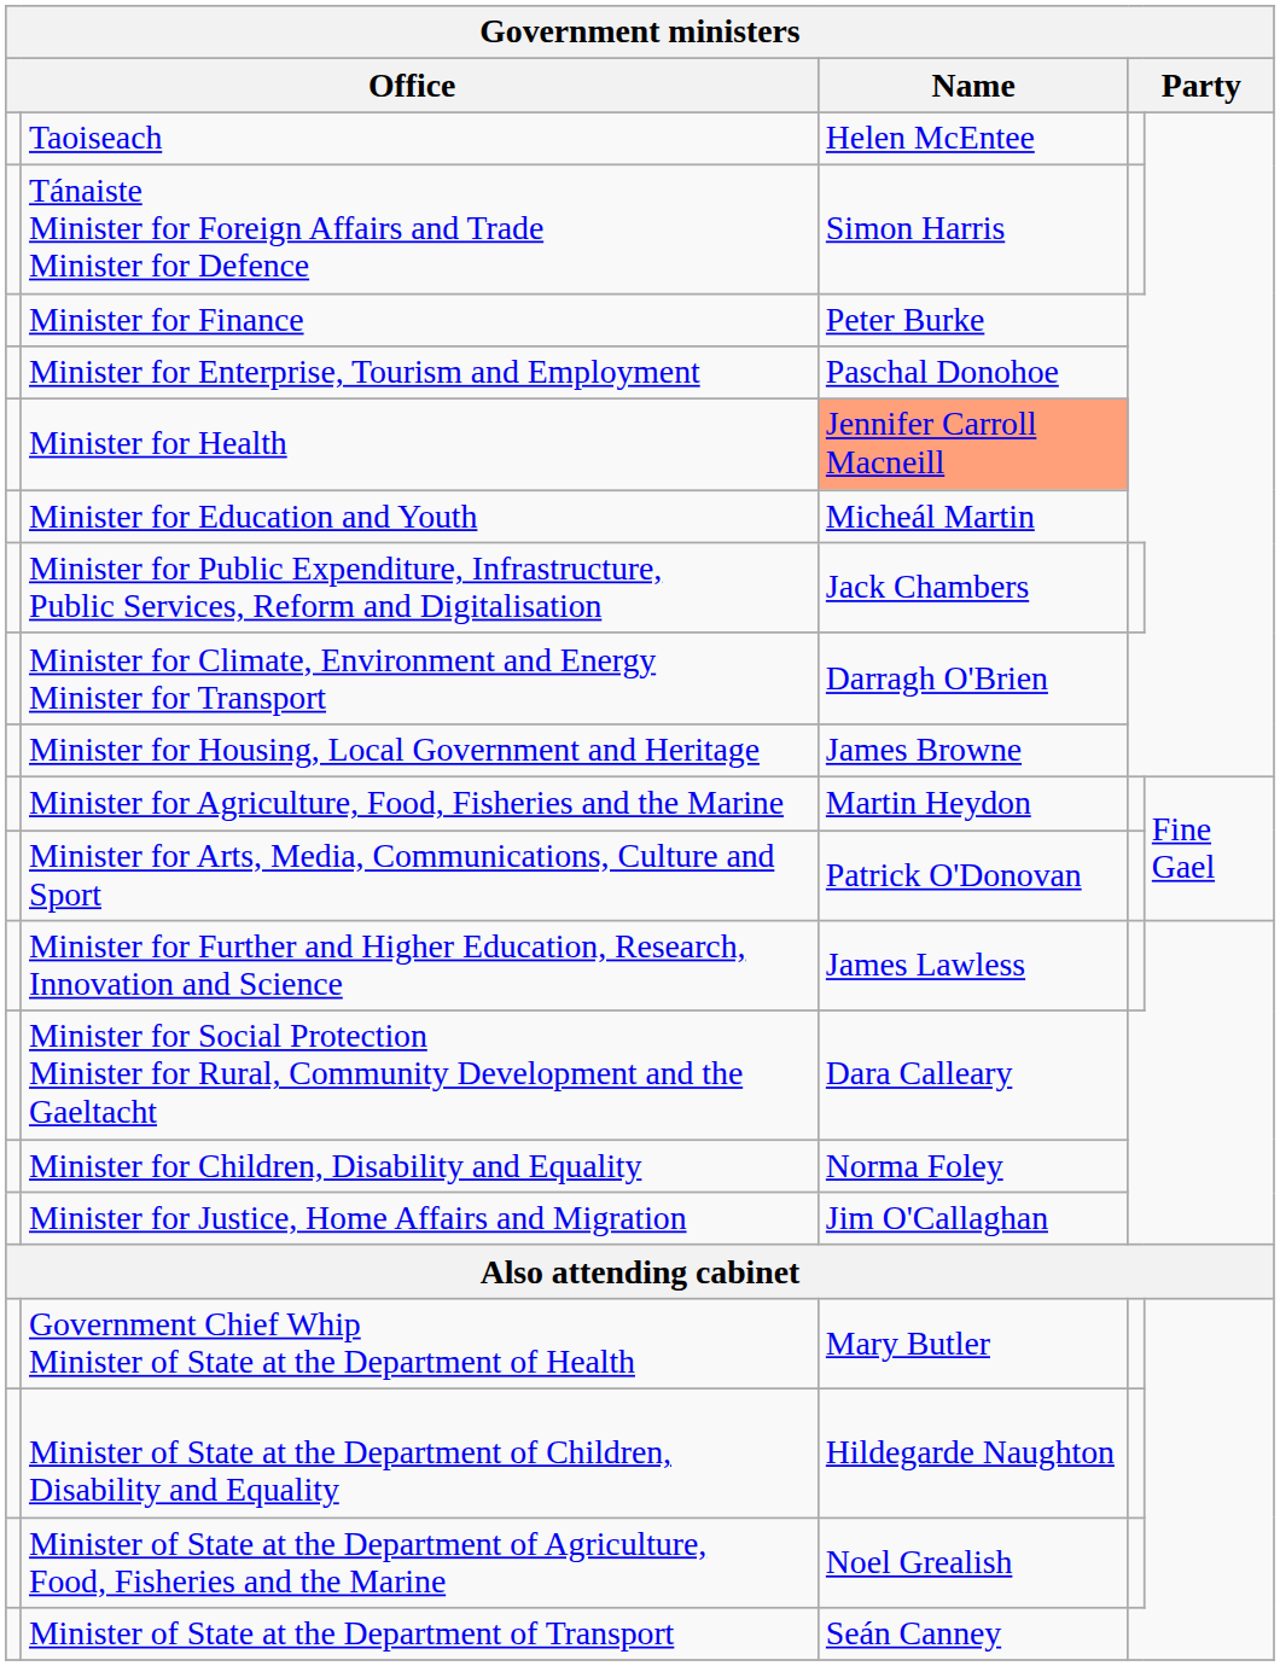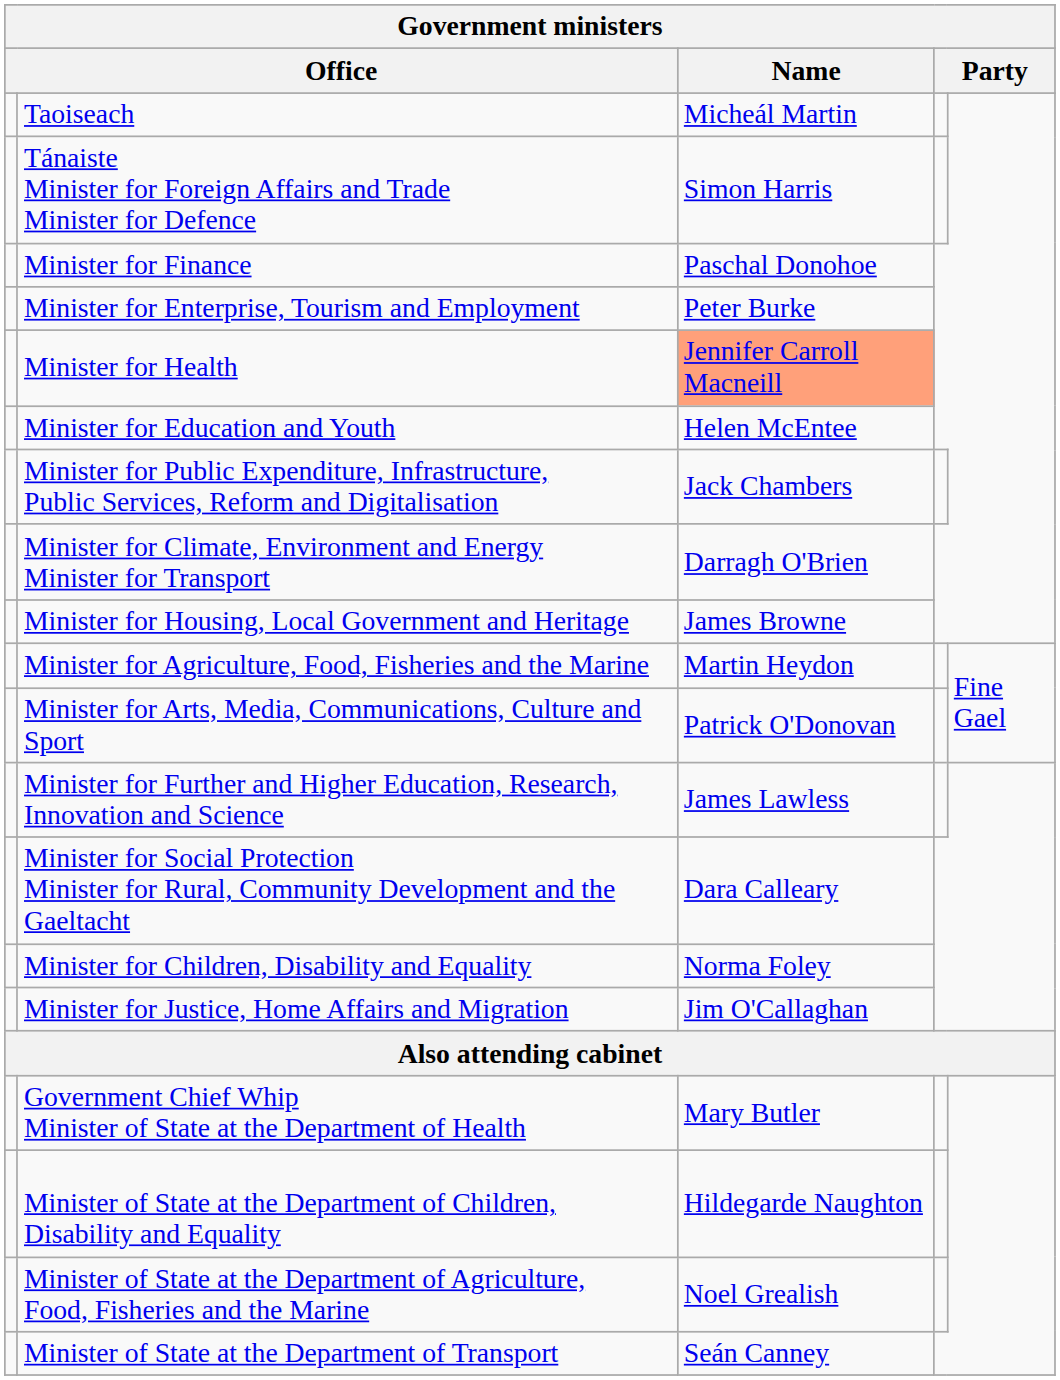 <table class="wikitable">
 <tr>
 <th colspan="6">Government ministers</th>
 </tr>
 <tr>
 <th colspan="2">Office</th>
 <th>Name</th>
 <th colspan="2">Party</th>
 </tr>
 <tr>
 <td></td>
 <td><a href='#'>Taoiseach</a></td>
-<td><a href='#'>Helen McEntee</a></td>
+<td><a href='#'>Micheál Martin</a></td>
 <td></td>
 </tr>
 <tr>
 <td></td>
 <td><a href='#'>Tánaiste</a><br><a href='#'>Minister for Foreign Affairs and Trade</a><br><a href='#'>Minister for Defence</a></td>
 <td><a href='#'>Simon Harris</a></td>
 <td></td>
 </tr>
 <tr>
 <td></td>
 <td><a href='#'>Minister for Finance</a></td>
-<td><a href='#'>Peter Burke</a></td>
+<td><a href='#'>Paschal Donohoe</a></td>
 </tr>
 <tr>
 <td></td>
 <td><a href='#'>Minister for Enterprise, Tourism and Employment</a></td>
-<td><a href='#'>Paschal Donohoe</a></td>
+<td><a href='#'>Peter Burke</a></td>
 </tr>
 <tr>
 <td></td>
 <td><a href='#'>Minister for Health</a></td>
 <td style="background: lightsalmon;"><a href='#'>Jennifer Carroll Macneill</a></td>
 </tr>
 <tr>
 <td></td>
 <td><a href='#'>Minister for Education and Youth</a></td>
-<td><a href='#'>Micheál Martin</a></td>
+<td><a href='#'>Helen McEntee</a></td>
 </tr>
 <tr>
 <td></td>
 <td><a href='#'>Minister for Public Expenditure, Infrastructure,<br>Public Services, Reform and Digitalisation</a></td>
 <td><a href='#'>Jack Chambers</a></td>
 <td></td>
 </tr>
 <tr>
 <td></td>
 <td><a href='#'>Minister for Climate, Environment and Energy</a><br><a href='#'>Minister for Transport</a></td>
 <td><a href='#'>Darragh O'Brien</a></td>
 </tr>
 <tr>
 <td></td>
 <td><a href='#'>Minister for Housing, Local Government and Heritage</a></td>
 <td><a href='#'>James Browne</a></td>
 </tr>
 <tr>
 <td></td>
 <td><a href='#'>Minister for Agriculture, Food, Fisheries and the Marine</a></td>
 <td><a href='#'>Martin Heydon</a></td>
 <td style="background-color: "></td>
 <td rowspan="2"><a href='#'>Fine Gael</a></td>
 </tr>
 <tr>
 <td></td>
 <td><a href='#'>Minister for Arts, Media, Communications, Culture and Sport</a></td>
 <td><a href='#'>Patrick O'Donovan</a></td>
 </tr>
 <tr>
 <td></td>
 <td><a href='#'>Minister for Further and Higher Education, Research,<br>Innovation and Science</a></td>
 <td><a href='#'>James Lawless</a></td>
 <td></td>
 </tr>
 <tr>
 <td></td>
 <td><a href='#'>Minister for Social Protection</a><br><a href='#'>Minister for Rural, Community Development and the Gaeltacht</a></td>
 <td><a href='#'>Dara Calleary</a></td>
 </tr>
 <tr>
 <td></td>
 <td><a href='#'>Minister for Children, Disability and Equality</a></td>
 <td><a href='#'>Norma Foley</a></td>
 </tr>
 <tr>
 <td></td>
 <td><a href='#'>Minister for Justice, Home Affairs and Migration</a></td>
 <td><a href='#'>Jim O'Callaghan</a></td>
 </tr>
 <tr>
 <th colspan="6">Also attending cabinet</th>
 </tr>
 <tr>
 <td></td>
 <td><a href='#'>Government Chief Whip</a><br><a href='#'>Minister of State at the Department of Health</a></td>
 <td><a href='#'>Mary Butler</a></td>
 <td></td>
 </tr>
 <tr>
 <td></td>
 <td><br><a href='#'>Minister of State at the Department of Children, Disability and Equality</a></td>
 <td><a href='#'>Hildegarde Naughton</a></td>
 <td></td>
 </tr>
 <tr>
 <td></td>
 <td><a href='#'>Minister of State at the Department of Agriculture,<br>Food, Fisheries and the Marine</a></td>
 <td><a href='#'>Noel Grealish</a></td>
 <td></td>
 </tr>
 <tr>
 <td></td>
 <td><a href='#'>Minister of State at the Department of Transport</a></td>
 <td><a href='#'>Seán Canney</a></td>
 </tr>
 </table>
